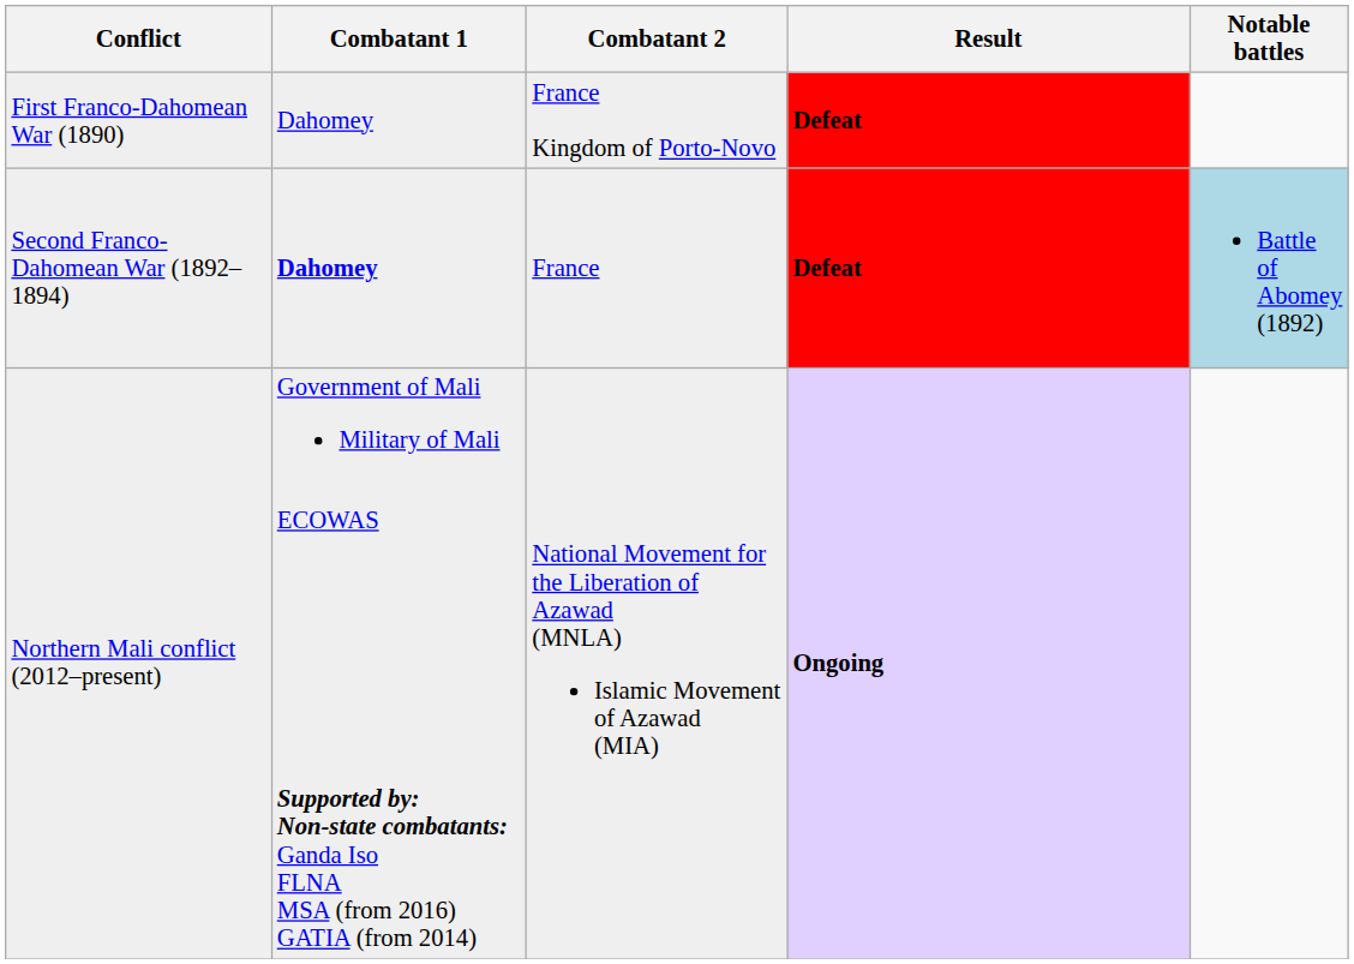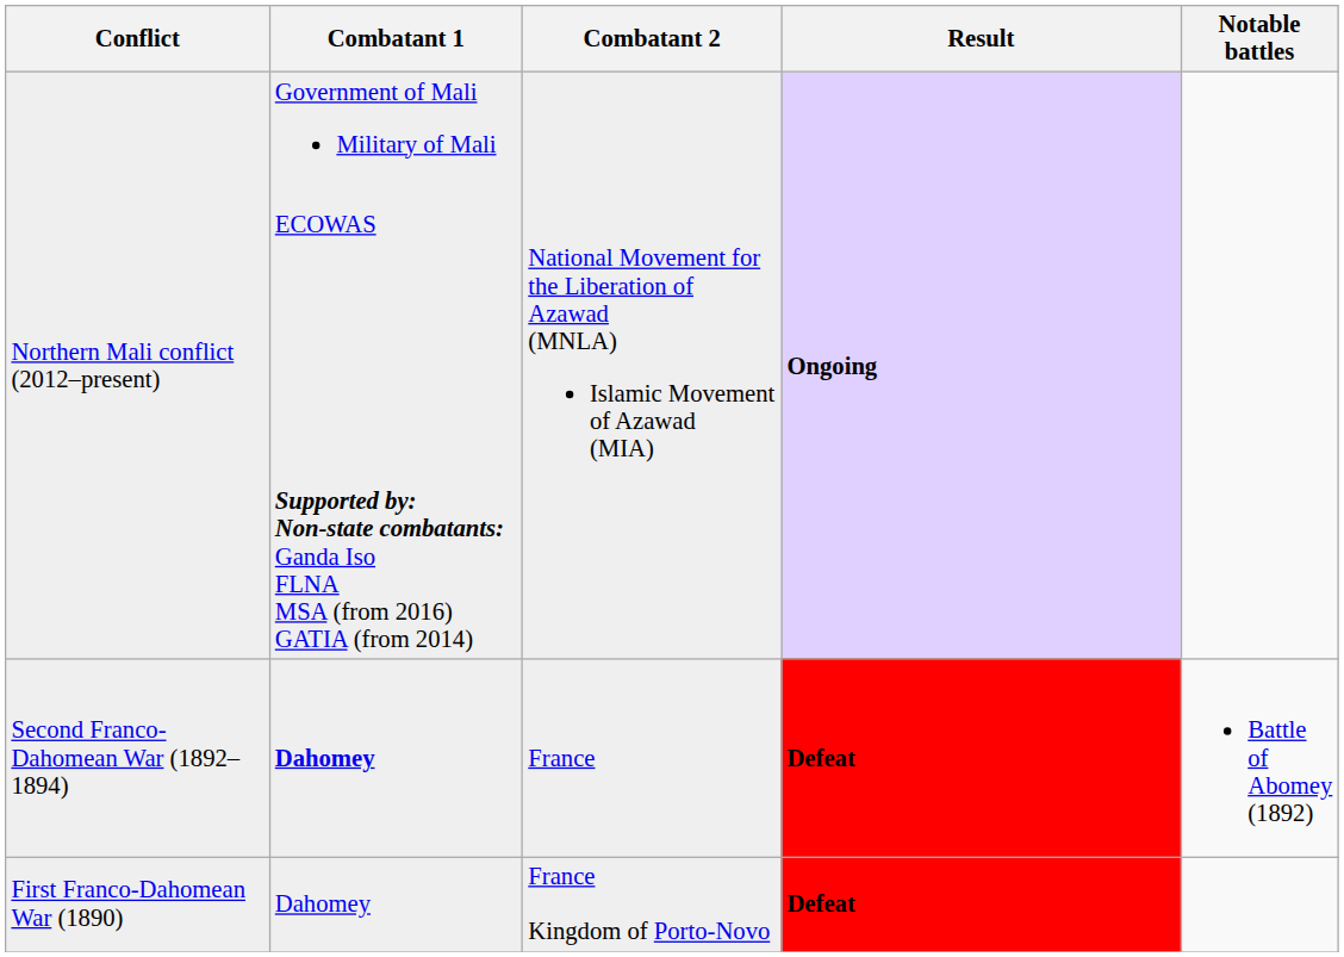 <table class="wikitable">
 <tr>
 <th width="190">Conflict</th>
 <th width="175">Combatant 1</th>
 <th width="175">Combatant 2</th>
 <th width="305">Result</th>
 <th>Notable battles</th>
 </tr>
 <tr>
+<td style="background:#efefef"><a href='#'>Northern Mali conflict</a> (2012–present)</td>
+<td style="background:#efefef"> <a href='#'>Government of Mali</a><br><ul><li><a href='#'>Military of Mali</a></li></ul><br><a href='#'>ECOWAS</a>  <br> <br> <br> <br> <br> <br> <br> <br> <br> <br><strong><em>Supported by:</em></strong><br>  <strong><em>Non-state combatants:</em></strong><br> <a href='#'>Ganda Iso</a><br> <a href='#'>FLNA</a><br> <a href='#'>MSA</a> (from 2016)<br> <a href='#'>GATIA</a> (from 2014)</td>
+<td style="background:#efefef"> <a href='#'>National Movement for the Liberation of Azawad</a><br>(MNLA)<br><ul><li>Islamic Movement of Azawad<br>(MIA)</li></ul></td>
+<td style="background:#E0D0FF"><strong>Ongoing</strong></td>
+<td></td>
+</tr>
+<tr>
+<td style="background:#efefef"><a href='#'>Second Franco-Dahomean War</a> (1892–1894)</td>
+<td style="background:#efefef"><strong> <a href='#'>Dahomey</a></strong></td>
+<td style="background:#efefef"> <a href='#'>France</a></td>
+<td style="background:red"><strong>Defeat</strong></td>
+<td><br><ul><li><a href='#'>Battle of Abomey</a> (1892)</li></ul></td>
+</tr>
+<tr>
 <td style="background:#efefef"><a href='#'>First Franco-Dahomean War</a> (1890)</td>
 <td style="background:#efefef">  <a href='#'>Dahomey</a></td>
 <td style="background:#efefef"> <a href='#'>France</a><br><br>Kingdom of <a href='#'>Porto-Novo</a></td>
 <td style="background:red"><strong>Defeat</strong></td>
 <td></td>
 </tr>
 <tr>
-<td style="background:#efefef"><a href='#'>Second Franco-Dahomean War</a> (1892–1894)</td>
-<td style="background:#efefef"><strong> <a href='#'>Dahomey</a></strong></td>
-<td style="background:#efefef"> <a href='#'>France</a></td>
-<td style="background:red"><strong>Defeat</strong></td>
-<td style="background: lightblue;"><br><ul><li><a href='#'>Battle of Abomey</a> (1892)</li></ul></td>
-</tr>
-<tr>
-<td style="background:#efefef"><a href='#'>Northern Mali conflict</a> (2012–present)</td>
-<td style="background:#efefef"> <a href='#'>Government of Mali</a><br><ul><li><a href='#'>Military of Mali</a></li></ul><br><a href='#'>ECOWAS</a>  <br> <br> <br> <br> <br> <br> <br> <br> <br> <br><strong><em>Supported by:</em></strong><br>  <strong><em>Non-state combatants:</em></strong><br> <a href='#'>Ganda Iso</a><br> <a href='#'>FLNA</a><br> <a href='#'>MSA</a> (from 2016)<br> <a href='#'>GATIA</a> (from 2014)</td>
-<td style="background:#efefef"> <a href='#'>National Movement for the Liberation of Azawad</a><br>(MNLA)<br><ul><li>Islamic Movement of Azawad<br>(MIA)</li></ul></td>
-<td style="background:#E0D0FF"><strong>Ongoing</strong></td>
-<td></td>
-</tr>
-<tr>
 </tr>
 </table>
